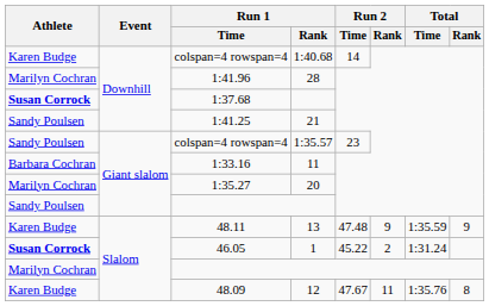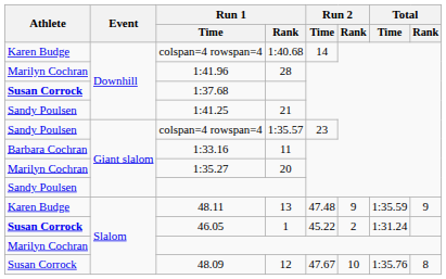 <table class=wikitable style=font-size:90%;text-align:center>
 <tr>
 <th rowspan=2>Athlete</th>
 <th rowspan=2>Event</th>
 <th colspan=2>Run 1</th>
 <th colspan=2>Run 2</th>
 <th colspan=2>Total</th>
 </tr>
 <tr style=font-size:95%>
 <th>Time</th>
 <th>Rank</th>
 <th>Time</th>
 <th>Rank</th>
 <th>Time</th>
 <th>Rank</th>
 </tr>
 <tr>
 <td align=left><a href='#'>Karen Budge</a></td>
 <td align=left rowspan=4><a href='#'>Downhill</a></td>
 <td>colspan=4 rowspan=4 </td>
 <td>1:40.68</td>
 <td>14</td>
 </tr>
 <tr>
 <td align=left><a href='#'>Marilyn Cochran</a></td>
 <td>1:41.96</td>
 <td>28</td>
 </tr>
 <tr>
 <td align=left><strong><a href='#'>Susan Corrock</a></strong></td>
 <td>1:37.68</td>
 <td></td>
 </tr>
 <tr>
 <td align=left><a href='#'>Sandy Poulsen</a></td>
 <td>1:41.25</td>
 <td>21</td>
 </tr>
 <tr>
 <td align=left><a href='#'>Sandy Poulsen</a></td>
 <td align=left rowspan=4><a href='#'>Giant slalom</a></td>
 <td>colspan=4 rowspan=4 </td>
 <td>1:35.57</td>
 <td>23</td>
 </tr>
 <tr>
 <td align=left><a href='#'>Barbara Cochran</a></td>
 <td>1:33.16</td>
 <td>11</td>
 </tr>
 <tr>
 <td align=left><a href='#'>Marilyn Cochran</a></td>
 <td>1:35.27</td>
 <td>20</td>
 </tr>
 <tr>
 <td align=left><a href='#'>Sandy Poulsen</a></td>
 <td colspan=2></td>
 </tr>
 <tr>
 <td align=left><a href='#'>Karen Budge</a></td>
 <td align=left rowspan=4><a href='#'>Slalom</a></td>
 <td>48.11</td>
 <td>13</td>
 <td>47.48</td>
 <td>9</td>
 <td>1:35.59</td>
 <td>9</td>
 </tr>
 <tr>
 <td align=left><strong><a href='#'>Susan Corrock</a></strong></td>
 <td>46.05</td>
 <td>1</td>
 <td>45.22</td>
 <td>2</td>
 <td>1:31.24</td>
 <td></td>
 </tr>
 <tr>
 <td align=left><a href='#'>Marilyn Cochran</a></td>
 <td colspan=6></td>
 </tr>
 <tr>
-<td align=left><a href='#'>Karen Budge</a></td>
+<td align=left><a href='#'>Susan Corrock</a></td>
 <td>48.09</td>
 <td>12</td>
 <td>47.67</td>
-<td>11</td>
+<td>10</td>
 <td>1:35.76</td>
 <td>8</td>
 </tr>
 </table>
